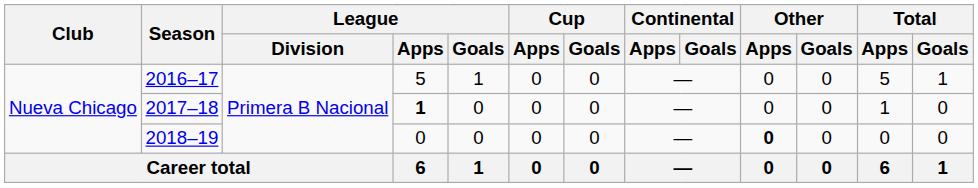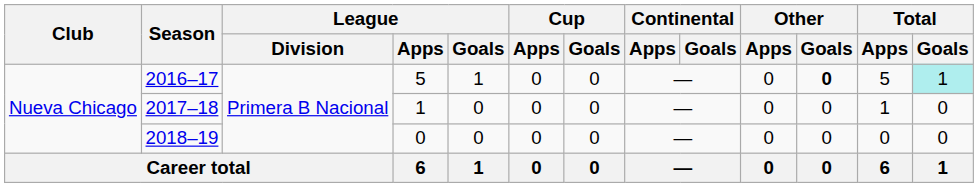 <table class="wikitable" style="text-align:center">
 <tr>
 <th rowspan="2">Club</th>
 <th rowspan="2">Season</th>
 <th colspan="3">League</th>
 <th colspan="2">Cup</th>
 <th colspan="2">Continental</th>
 <th colspan="2">Other</th>
 <th colspan="2">Total</th>
 </tr>
 <tr>
 <th>Division</th>
 <th>Apps</th>
 <th>Goals</th>
 <th>Apps</th>
 <th>Goals</th>
 <th>Apps</th>
 <th>Goals</th>
 <th>Apps</th>
 <th>Goals</th>
 <th>Apps</th>
 <th>Goals</th>
 </tr>
 <tr>
 <td rowspan="3"><a href='#'>Nueva Chicago</a></td>
 <td><a href='#'>2016–17</a></td>
 <td rowspan="3"><a href='#'>Primera B Nacional</a></td>
 <td>5</td>
 <td>1</td>
 <td>0</td>
 <td>0</td>
 <td colspan="2">—</td>
 <td>0</td>
-<td>0</td>
+<td><strong>0</strong></td>
 <td>5</td>
-<td>1</td>
+<td style="background: paleturquoise;">1</td>
 </tr>
 <tr>
 <td><a href='#'>2017–18</a></td>
-<td><strong>1</strong></td>
+<td>1</td>
 <td>0</td>
 <td>0</td>
 <td>0</td>
 <td colspan="2">—</td>
 <td>0</td>
 <td>0</td>
 <td>1</td>
 <td>0</td>
 </tr>
 <tr>
 <td><a href='#'>2018–19</a></td>
 <td>0</td>
 <td>0</td>
 <td>0</td>
 <td>0</td>
 <td colspan="2">—</td>
-<td><strong>0</strong></td>
+<td>0</td>
 <td>0</td>
 <td>0</td>
 <td>0</td>
 </tr>
 <tr>
 <th colspan="3">Career total</th>
 <th>6</th>
 <th>1</th>
 <th>0</th>
 <th>0</th>
 <th colspan="2">—</th>
 <th>0</th>
 <th>0</th>
 <th>6</th>
 <th>1</th>
 </tr>
 </table>
